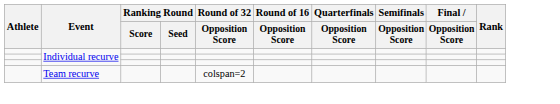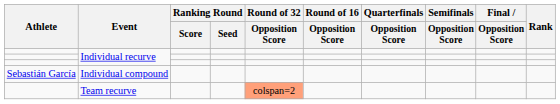 <table class="wikitable" style="font-size:90%">
 <tr>
 <th rowspan="2">Athlete</th>
 <th rowspan="2">Event</th>
 <th colspan="2">Ranking Round</th>
 <th>Round of 32</th>
 <th>Round of 16</th>
 <th>Quarterfinals</th>
 <th>Semifinals</th>
 <th>Final / </th>
 <th rowspan="2">Rank</th>
 </tr>
 <tr style="font-size:95%">
 <th>Score</th>
 <th>Seed</th>
 <th>Opposition<br>Score</th>
 <th>Opposition<br>Score</th>
 <th>Opposition<br>Score</th>
 <th>Opposition<br>Score</th>
 <th>Opposition<br>Score</th>
 </tr>
 <tr align=center>
 <td align=left></td>
 <td align=left rowspan=3><a href='#'>Individual recurve</a></td>
 <td></td>
 <td></td>
 <td></td>
 <td></td>
 <td></td>
 <td></td>
 <td></td>
 <td></td>
 </tr>
 <tr align=center>
 <td align=left></td>
 <td></td>
 <td></td>
 <td></td>
 <td></td>
 <td></td>
 <td></td>
 <td></td>
 <td></td>
 </tr>
 <tr align=center>
 <td align=left></td>
 <td></td>
 <td></td>
 <td></td>
 <td></td>
 <td></td>
 <td></td>
 <td></td>
 <td></td>
 </tr>
 <tr align=center>
+<td align=left><a href='#'>Sebastián García</a></td>
+<td align=left><a href='#'>Individual compound</a></td>
+<td></td>
+<td></td>
+<td></td>
+<td></td>
+<td></td>
+<td></td>
+<td></td>
+<td></td>
+</tr>
+<tr align=center>
 <td align=left></td>
 <td align=left><a href='#'>Team recurve</a></td>
 <td></td>
 <td></td>
-<td>colspan=2 </td>
+<td style="background: lightsalmon;">colspan=2 </td>
 <td></td>
 <td></td>
 <td></td>
 <td></td>
 </tr>
 </table>
